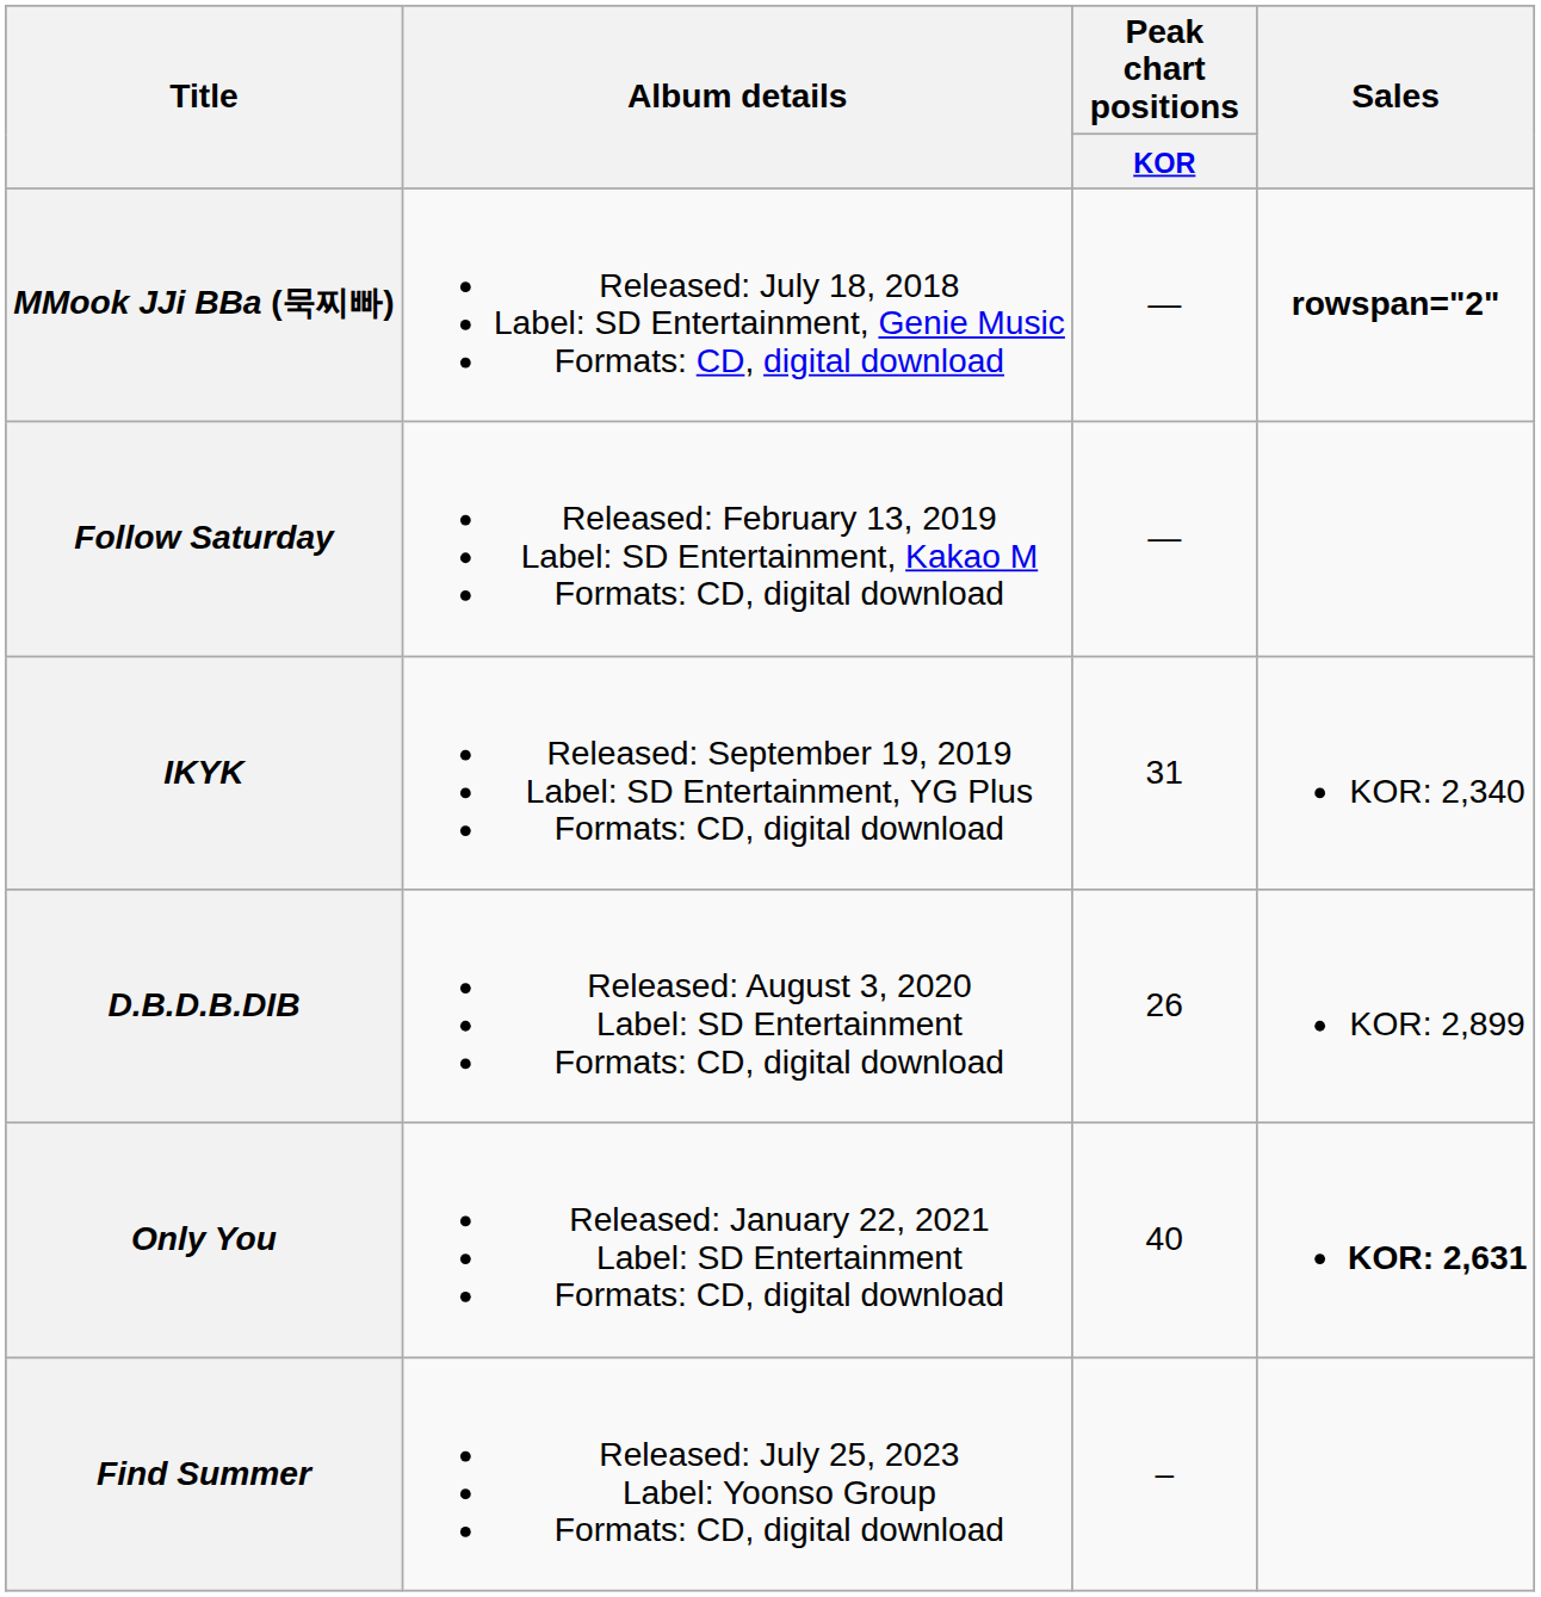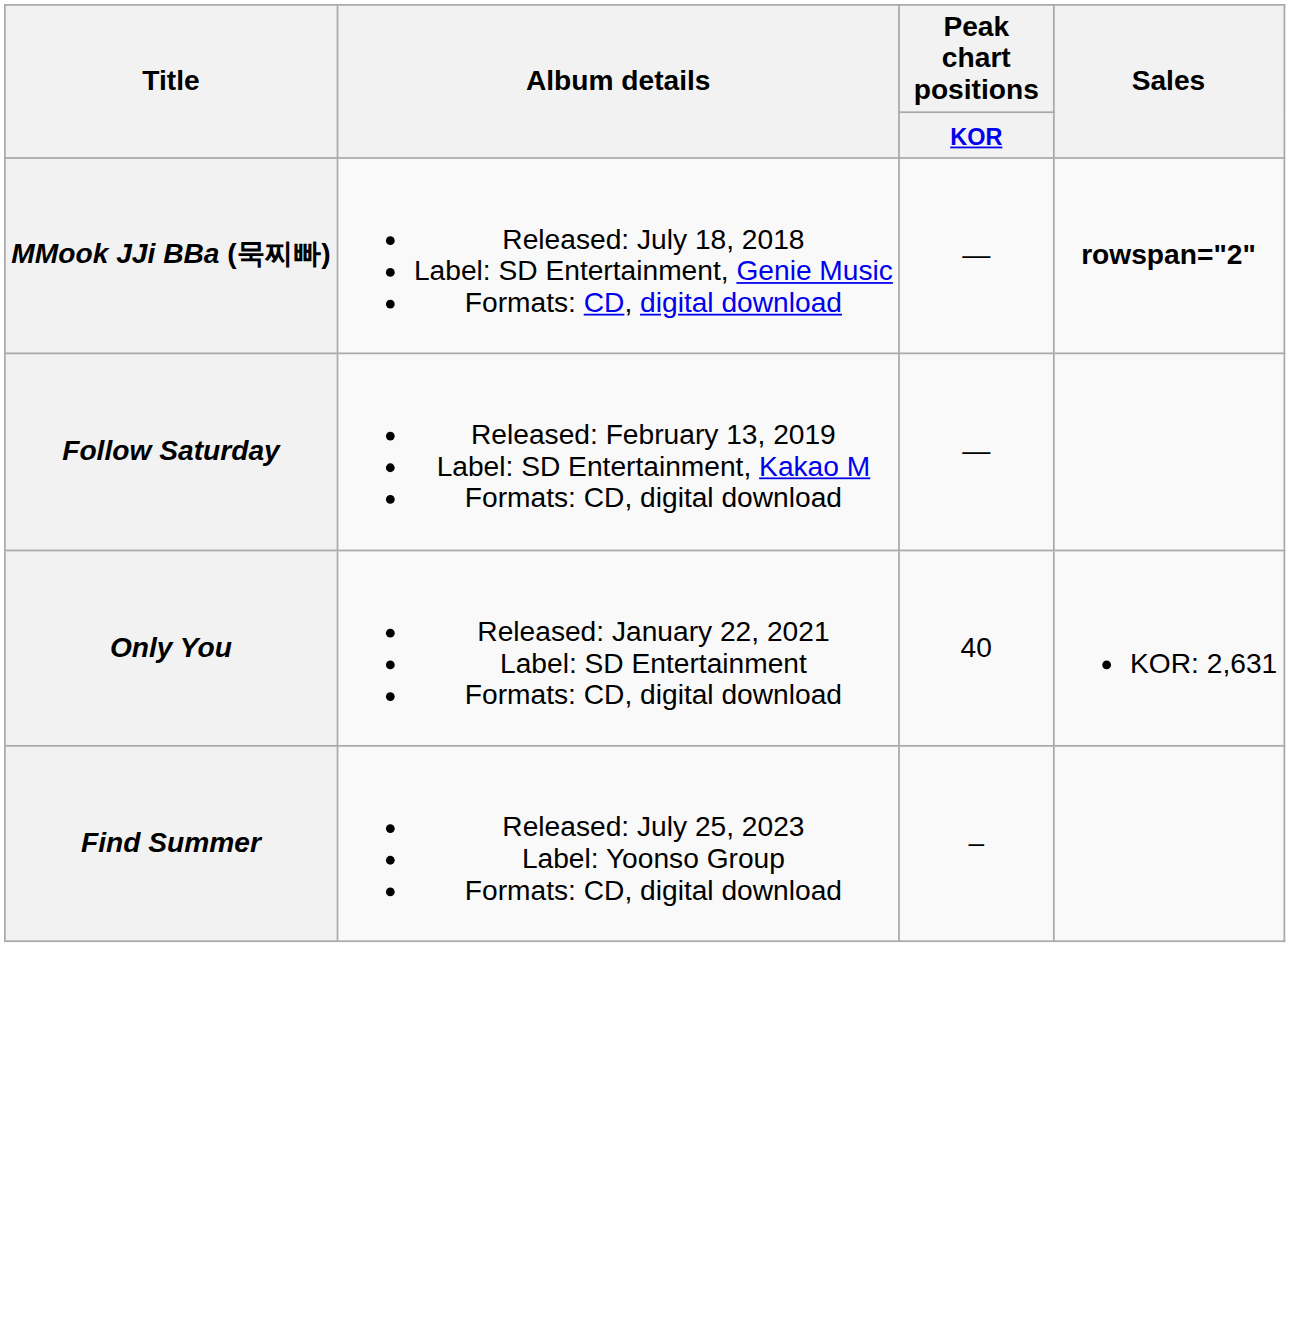 <table class="wikitable plainrowheaders" style="text-align:center;">
 <tr>
 <th scope="col" rowspan="2">Title</th>
 <th scope="col" rowspan="2">Album details</th>
 <th scope="col" colspan="1" style="width:5em;">Peak chart positions</th>
 <th scope="col" rowspan="2">Sales</th>
 </tr>
 <tr>
 <th><small><a href='#'>KOR</a></small><br></th>
 </tr>
 <tr>
 <th scope="row"><em>MMook JJi BBa</em> (묵찌빠)</th>
 <td><br><ul><li>Released: July 18, 2018</li><li>Label: SD Entertainment, <a href='#'>Genie Music</a></li><li>Formats: <a href='#'>CD</a>, <a href='#'>digital download</a></li></ul></td>
 <td>—</td>
 <td><strong>rowspan="2"</strong></td>
 </tr>
 <tr>
 <th scope="row"><em>Follow Saturday</em></th>
 <td><br><ul><li>Released: February 13, 2019</li><li>Label: SD Entertainment, <a href='#'>Kakao M</a></li><li>Formats: CD, digital download</li></ul></td>
 <td>—</td>
 </tr>
 <tr>
-<th scope="row"><em>IKYK</em></th>
-<td><br><ul><li>Released: September 19, 2019</li><li>Label: SD Entertainment, YG Plus</li><li>Formats: CD, digital download</li></ul></td>
-<td>31</td>
-<td><br><ul><li>KOR: 2,340</li></ul></td>
-</tr>
-<tr>
-<th scope="row"><em>D.B.D.B.DIB</em></th>
-<td><br><ul><li>Released: August 3, 2020</li><li>Label: SD Entertainment</li><li>Formats: CD, digital download</li></ul></td>
-<td>26</td>
-<td><br><ul><li>KOR: 2,899</li></ul></td>
-</tr>
-<tr>
 <th scope="row"><em>Only You</em></th>
 <td><br><ul><li>Released: January 22, 2021</li><li>Label: SD Entertainment</li><li>Formats: CD, digital download</li></ul></td>
 <td>40</td>
-<td><strong><br><ul><li>KOR: 2,631</li></ul></strong></td>
+<td><br><ul><li>KOR: 2,631</li></ul></td>
 </tr>
 <tr>
 <th scope="row"><em>Find Summer</em></th>
 <td><br><ul><li>Released: July 25, 2023</li><li>Label: Yoonso Group</li><li>Formats: CD, digital download</li></ul></td>
 <td>–</td>
 <td></td>
 </tr>
 </table>
